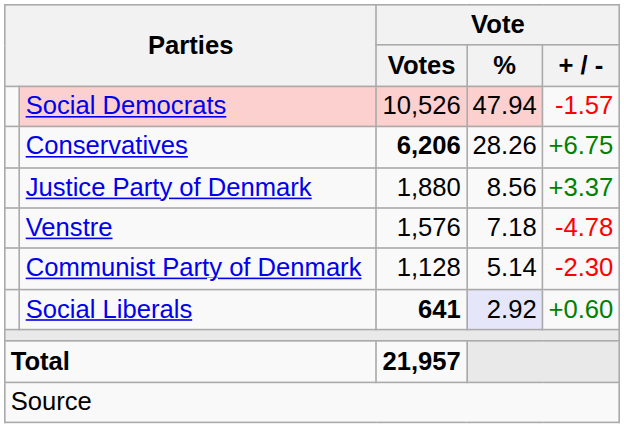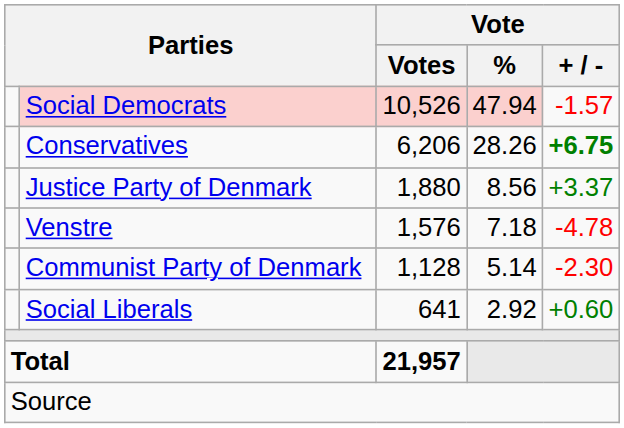 <table class="wikitable" style="text-align:right;">
 <tr>
 <th style="text-align:centre;" rowspan="2" colspan="2" width="225">Parties</th>
 <th colspan="3">Vote</th>
 </tr>
 <tr>
 <th width="15">Votes</th>
 <th width="15">%</th>
 <th width="15">+ / -</th>
 </tr>
 <tr>
 <td width="2" style="color:inherit;background:"></td>
 <td bgcolor=#fbd0ce  align="left"><a href='#'>Social Democrats</a></td>
 <td bgcolor=#fbd0ce>10,526</td>
 <td bgcolor=#fbd0ce>47.94</td>
 <td style=color:red;>-1.57</td>
 </tr>
 <tr>
 <td width="2" style="color:inherit;background:"></td>
 <td align="left"><a href='#'>Conservatives</a></td>
-<td><strong>6,206</strong></td>
+<td>6,206</td>
 <td>28.26</td>
-<td style=color:green;>+6.75</td>
+<td style=color:green;><strong>+6.75</strong></td>
 </tr>
 <tr>
 <td width="2" style="color:inherit;background:"></td>
 <td align="left"><a href='#'>Justice Party of Denmark</a></td>
 <td>1,880</td>
 <td>8.56</td>
 <td style=color:green;>+3.37</td>
 </tr>
 <tr>
 <td width="2" style="color:inherit;background:"></td>
 <td align="left"><a href='#'>Venstre</a></td>
 <td>1,576</td>
 <td>7.18</td>
 <td style=color:red;>-4.78</td>
 </tr>
 <tr>
 <td width="2" style="color:inherit;background:"></td>
 <td align="left"><a href='#'>Communist Party of Denmark</a></td>
 <td>1,128</td>
 <td>5.14</td>
 <td style=color:red;>-2.30</td>
 </tr>
 <tr>
 <td width="2" style="color:inherit;background:"></td>
 <td align="left"><a href='#'>Social Liberals</a></td>
-<td><strong>641</strong></td>
-<td style="background: lavender;">2.92</td>
+<td>641</td>
+<td>2.92</td>
 <td style=color:green;>+0.60</td>
 </tr>
 <tr>
 <td colspan="7" bgcolor="#E9E9E9"></td>
 </tr>
 <tr>
 <td align="left" colspan="2"><strong>Total</strong></td>
 <td><strong>21,957</strong></td>
 <td bgcolor="#E9E9E9" colspan="2"></td>
 </tr>
 <tr>
 <td align="left" colspan="6">Source</td>
 </tr>
 </table>
